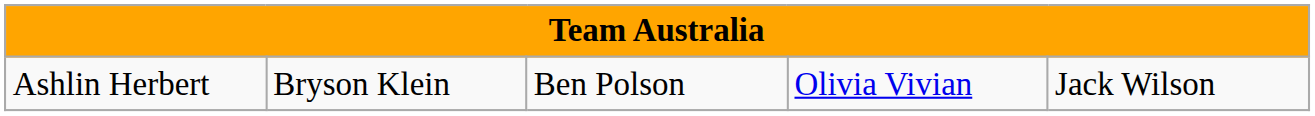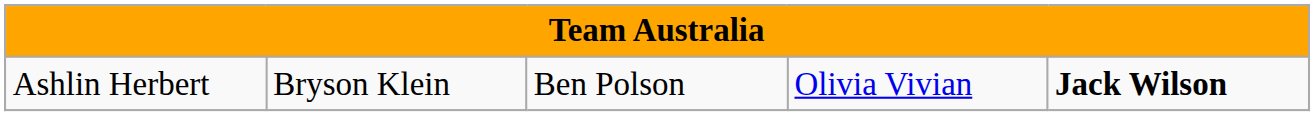 <table class="wikitable" style="width:40%; text-align=center;">
 <tr>
 <th colspan="5" style="background:orange;">Team Australia</th>
 </tr>
 <tr>
 <td style="width:10%;">Ashlin Herbert</td>
 <td style="width:10%;">Bryson Klein</td>
 <td style="width:10%;">Ben Polson</td>
 <td style="width:10%;"><a href='#'>Olivia Vivian</a></td>
-<td style="width:10%;">Jack Wilson</td>
+<td style="width:10%;"><strong>Jack Wilson</strong></td>
 </tr>
 </table>
